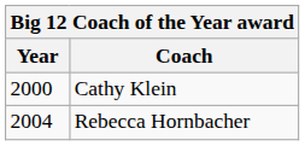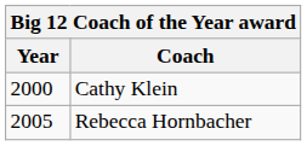 <table class="wikitable" style="text-align:">
 <tr>
 <th colspan=2>Big 12 Coach of the Year award</th>
 </tr>
 <tr>
 <th>Year</th>
 <th>Coach</th>
 </tr>
 <tr>
 <td>2000</td>
 <td>Cathy Klein</td>
 </tr>
 <tr>
-<td>2004</td>
+<td>2005</td>
 <td>Rebecca Hornbacher</td>
 </tr>
 </table>
